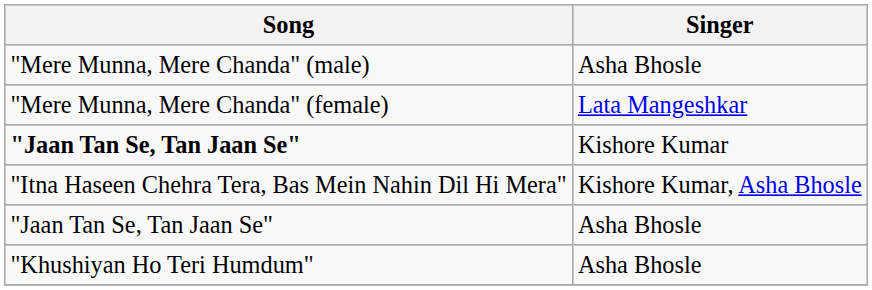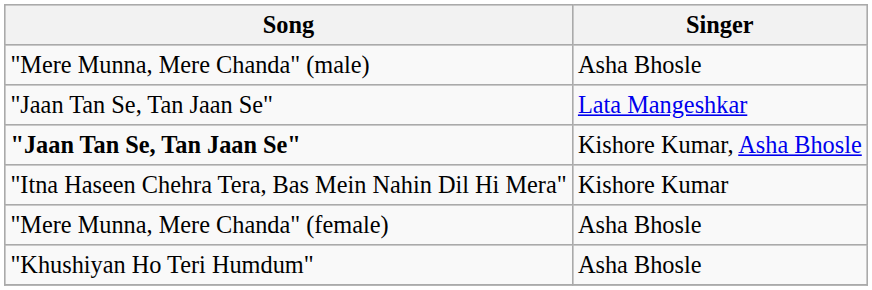 <table class="wikitable" style="font-size:95%;">
 <tr>
 <th>Song</th>
 <th>Singer</th>
 </tr>
 <tr>
 <td>"Mere Munna, Mere Chanda" (male)</td>
 <td>Asha Bhosle</td>
 </tr>
 <tr>
-<td>"Mere Munna, Mere Chanda"   (female)</td>
+<td>"Jaan Tan Se, Tan Jaan Se"</td>
 <td><a href='#'>Lata Mangeshkar</a></td>
 </tr>
 <tr>
 <td><strong>"Jaan Tan Se, Tan Jaan Se"</strong></td>
+<td>Kishore Kumar, <a href='#'>Asha Bhosle</a></td>
+</tr>
+<tr>
+<td>"Itna Haseen Chehra Tera, Bas Mein Nahin Dil Hi Mera"</td>
 <td>Kishore Kumar</td>
 </tr>
 <tr>
-<td>"Itna Haseen Chehra Tera, Bas Mein Nahin Dil Hi Mera"</td>
-<td>Kishore Kumar, <a href='#'>Asha Bhosle</a></td>
-</tr>
-<tr>
-<td>"Jaan Tan Se, Tan Jaan Se"</td>
+<td>"Mere Munna, Mere Chanda"   (female)</td>
 <td>Asha Bhosle</td>
 </tr>
 <tr>
 <td>"Khushiyan Ho Teri Humdum"</td>
 <td>Asha Bhosle</td>
 </tr>
 <tr>
 </tr>
 </table>
